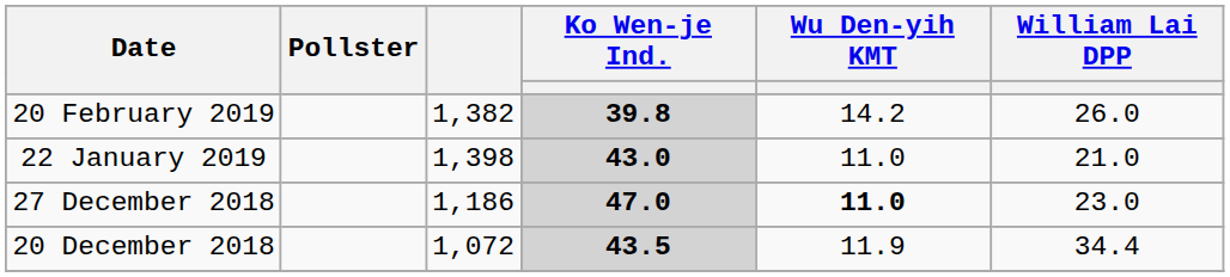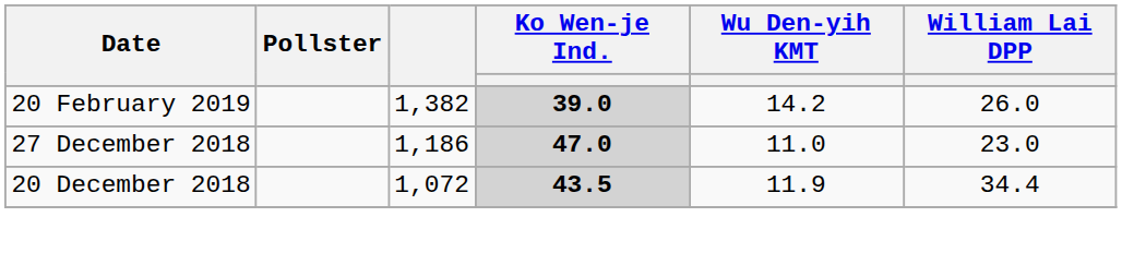 <table class="wikitable sortable collapsible" style="font-size:95%; text-align:center">
 <tr>
 <th rowspan=2>Date</th>
 <th rowspan=2>Pollster</th>
 <th rowspan=2></th>
 <th width=100px><a href='#'>Ko Wen-je</a><br><a href='#'>Ind.</a></th>
 <th width=100px><a href='#'>Wu Den-yih</a><br><a href='#'>KMT</a></th>
 <th width=100px><a href='#'>William Lai</a><br><a href='#'>DPP</a></th>
 </tr>
 <tr>
 <th style="background:"></th>
 <th style="background:"></th>
 <th style="background:"></th>
 </tr>
 <tr>
 <td>20 February 2019</td>
 <td></td>
 <td>1,382</td>
-<td style="background-color:lightgrey;"><strong>39.8</strong></td>
+<td style="background-color:lightgrey;"><strong>39.0</strong></td>
 <td>14.2</td>
 <td>26.0</td>
-</tr>
-<tr>
-<td>22 January 2019</td>
-<td></td>
-<td>1,398</td>
-<td style="background-color:lightgrey;"><strong>43.0</strong></td>
-<td>11.0</td>
-<td>21.0</td>
 </tr>
 <tr>
 <td>27 December 2018</td>
 <td></td>
 <td>1,186</td>
 <td style="background-color:lightgrey;"><strong>47.0</strong></td>
-<td><strong>11.0</strong></td>
+<td>11.0</td>
 <td>23.0</td>
 </tr>
 <tr>
 <td>20 December 2018</td>
 <td></td>
 <td>1,072</td>
 <td style="background-color:lightgrey;"><strong>43.5</strong></td>
 <td>11.9</td>
 <td>34.4</td>
 </tr>
 <tr>
 </tr>
 </table>
